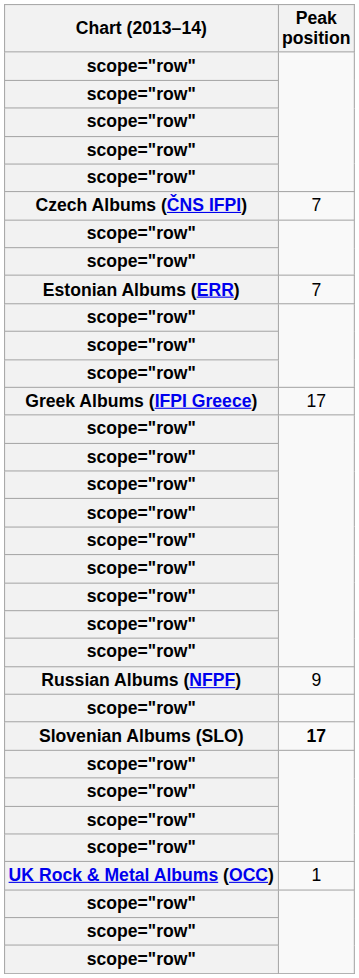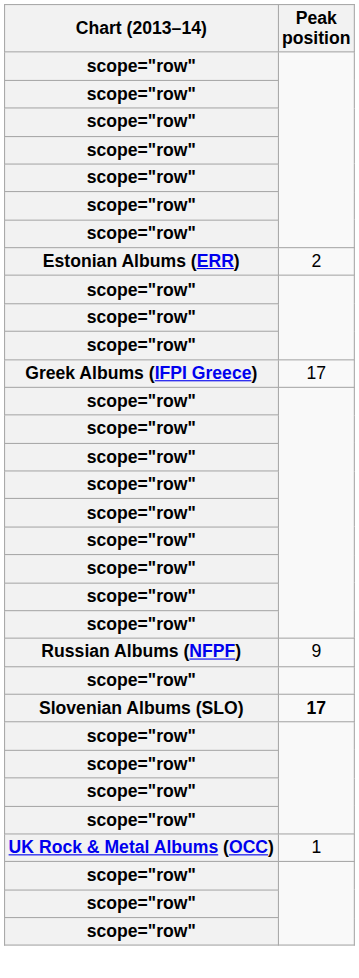 <table class="wikitable sortable plainrowheaders" style="text-align:center">
 <tr>
 <th scope="col">Chart (2013–14)</th>
 <th scope="col">Peak<br>position</th>
 </tr>
 <tr>
 <th>scope="row" </th>
 </tr>
 <tr>
 <th>scope="row" </th>
 </tr>
 <tr>
 <th>scope="row" </th>
 </tr>
 <tr>
 <th>scope="row" </th>
 </tr>
 <tr>
 <th>scope="row" </th>
 </tr>
 <tr>
-<th scope="row">Czech Albums (<a href='#'>ČNS IFPI</a>)</th>
-<td>7</td>
-</tr>
-<tr>
 <th>scope="row" </th>
 </tr>
 <tr>
 <th>scope="row" </th>
 </tr>
 <tr>
 <th scope="row">Estonian Albums (<a href='#'>ERR</a>)</th>
-<td>7</td>
+<td>2</td>
 </tr>
 <tr>
 <th>scope="row" </th>
 </tr>
 <tr>
 <th>scope="row" </th>
 </tr>
 <tr>
 <th>scope="row" </th>
 </tr>
 <tr>
 <th scope="row">Greek Albums (<a href='#'>IFPI Greece</a>)</th>
 <td>17</td>
 </tr>
 <tr>
 <th>scope="row" </th>
 </tr>
 <tr>
 <th>scope="row" </th>
 </tr>
 <tr>
 <th>scope="row" </th>
 </tr>
 <tr>
 <th>scope="row" </th>
 </tr>
 <tr>
 <th>scope="row" </th>
 </tr>
 <tr>
 <th>scope="row" </th>
 </tr>
 <tr>
 <th>scope="row" </th>
 </tr>
 <tr>
 <th>scope="row" </th>
 </tr>
 <tr>
 <th>scope="row" </th>
 </tr>
 <tr>
 <th scope="row">Russian Albums (<a href='#'>NFPF</a>)</th>
 <td>9</td>
 </tr>
 <tr>
 <th>scope="row" </th>
 </tr>
 <tr>
 <th scope="row">Slovenian Albums (SLO)</th>
 <td><strong>17</strong></td>
 </tr>
 <tr>
 <th>scope="row" </th>
 </tr>
 <tr>
 <th>scope="row" </th>
 </tr>
 <tr>
 <th>scope="row" </th>
 </tr>
 <tr>
 <th>scope="row" </th>
 </tr>
 <tr>
 <th scope="row"><a href='#'>UK Rock & Metal Albums</a> (<a href='#'>OCC</a>)</th>
 <td>1</td>
 </tr>
 <tr>
 <th>scope="row" </th>
 </tr>
 <tr>
 <th>scope="row" </th>
 </tr>
 <tr>
 <th>scope="row" </th>
 </tr>
 </table>
